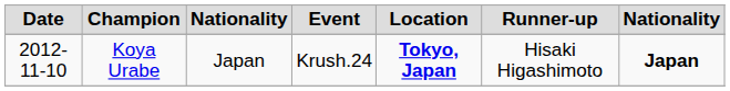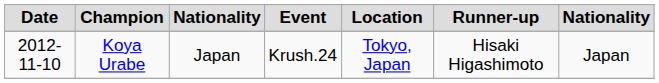 <table class="wikitable" style="text-align:center">
 <tr>
 </tr>
 <tr bgcolor="#dddddd">
 <td><strong>Date</strong></td>
 <td><strong>Champion</strong></td>
 <td><strong>Nationality</strong></td>
 <td><strong>Event</strong></td>
 <td><strong>Location</strong></td>
 <td><strong>Runner-up</strong></td>
 <td><strong>Nationality</strong></td>
 </tr>
 <tr>
 </tr>
 <tr>
 <td>2012-11-10</td>
 <td><a href='#'>Koya Urabe</a></td>
 <td> Japan</td>
 <td>Krush.24</td>
-<td><strong><a href='#'>Tokyo, Japan</a></strong></td>
+<td><a href='#'>Tokyo, Japan</a></td>
 <td>Hisaki Higashimoto</td>
-<td><strong> Japan</strong></td>
+<td> Japan</td>
 </tr>
 <tr>
 </tr>
 </table>
